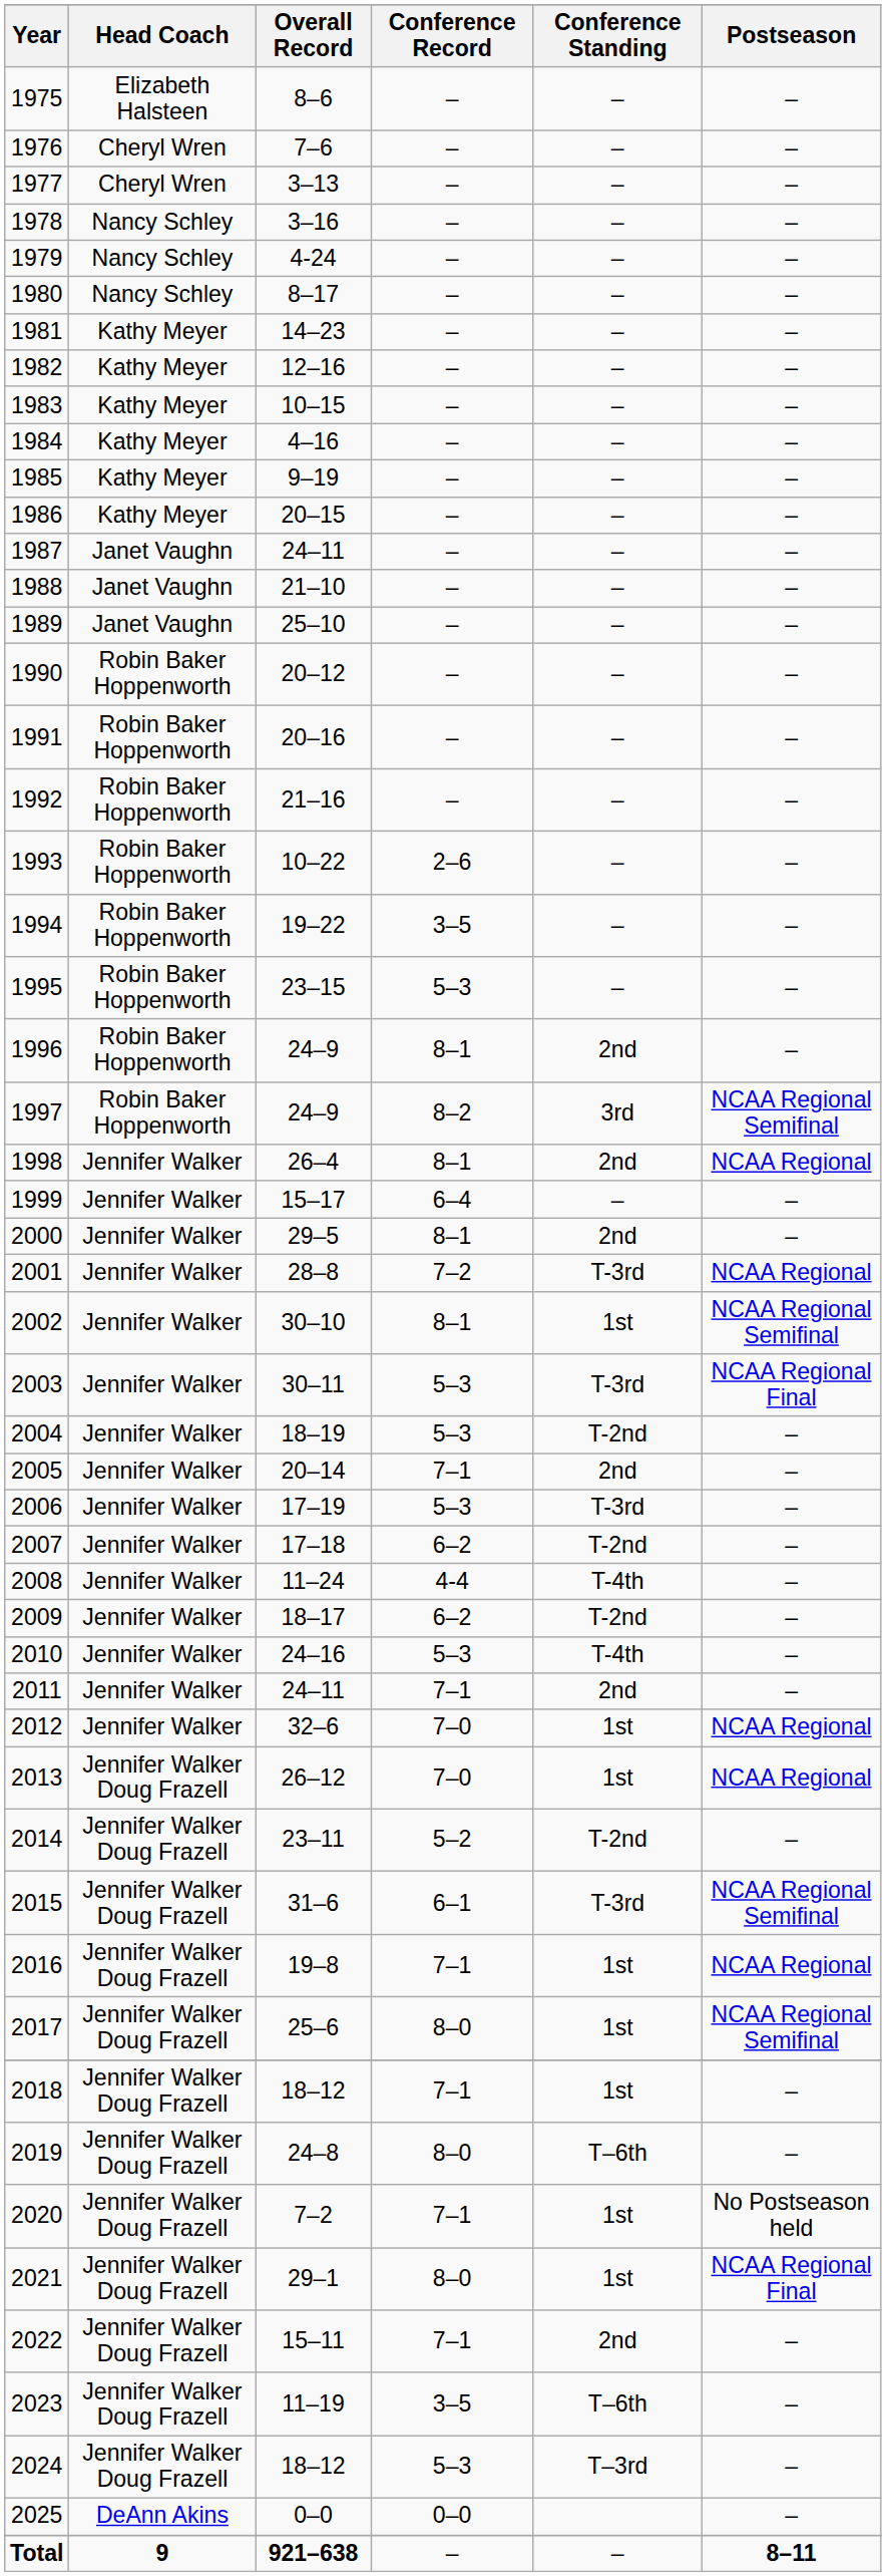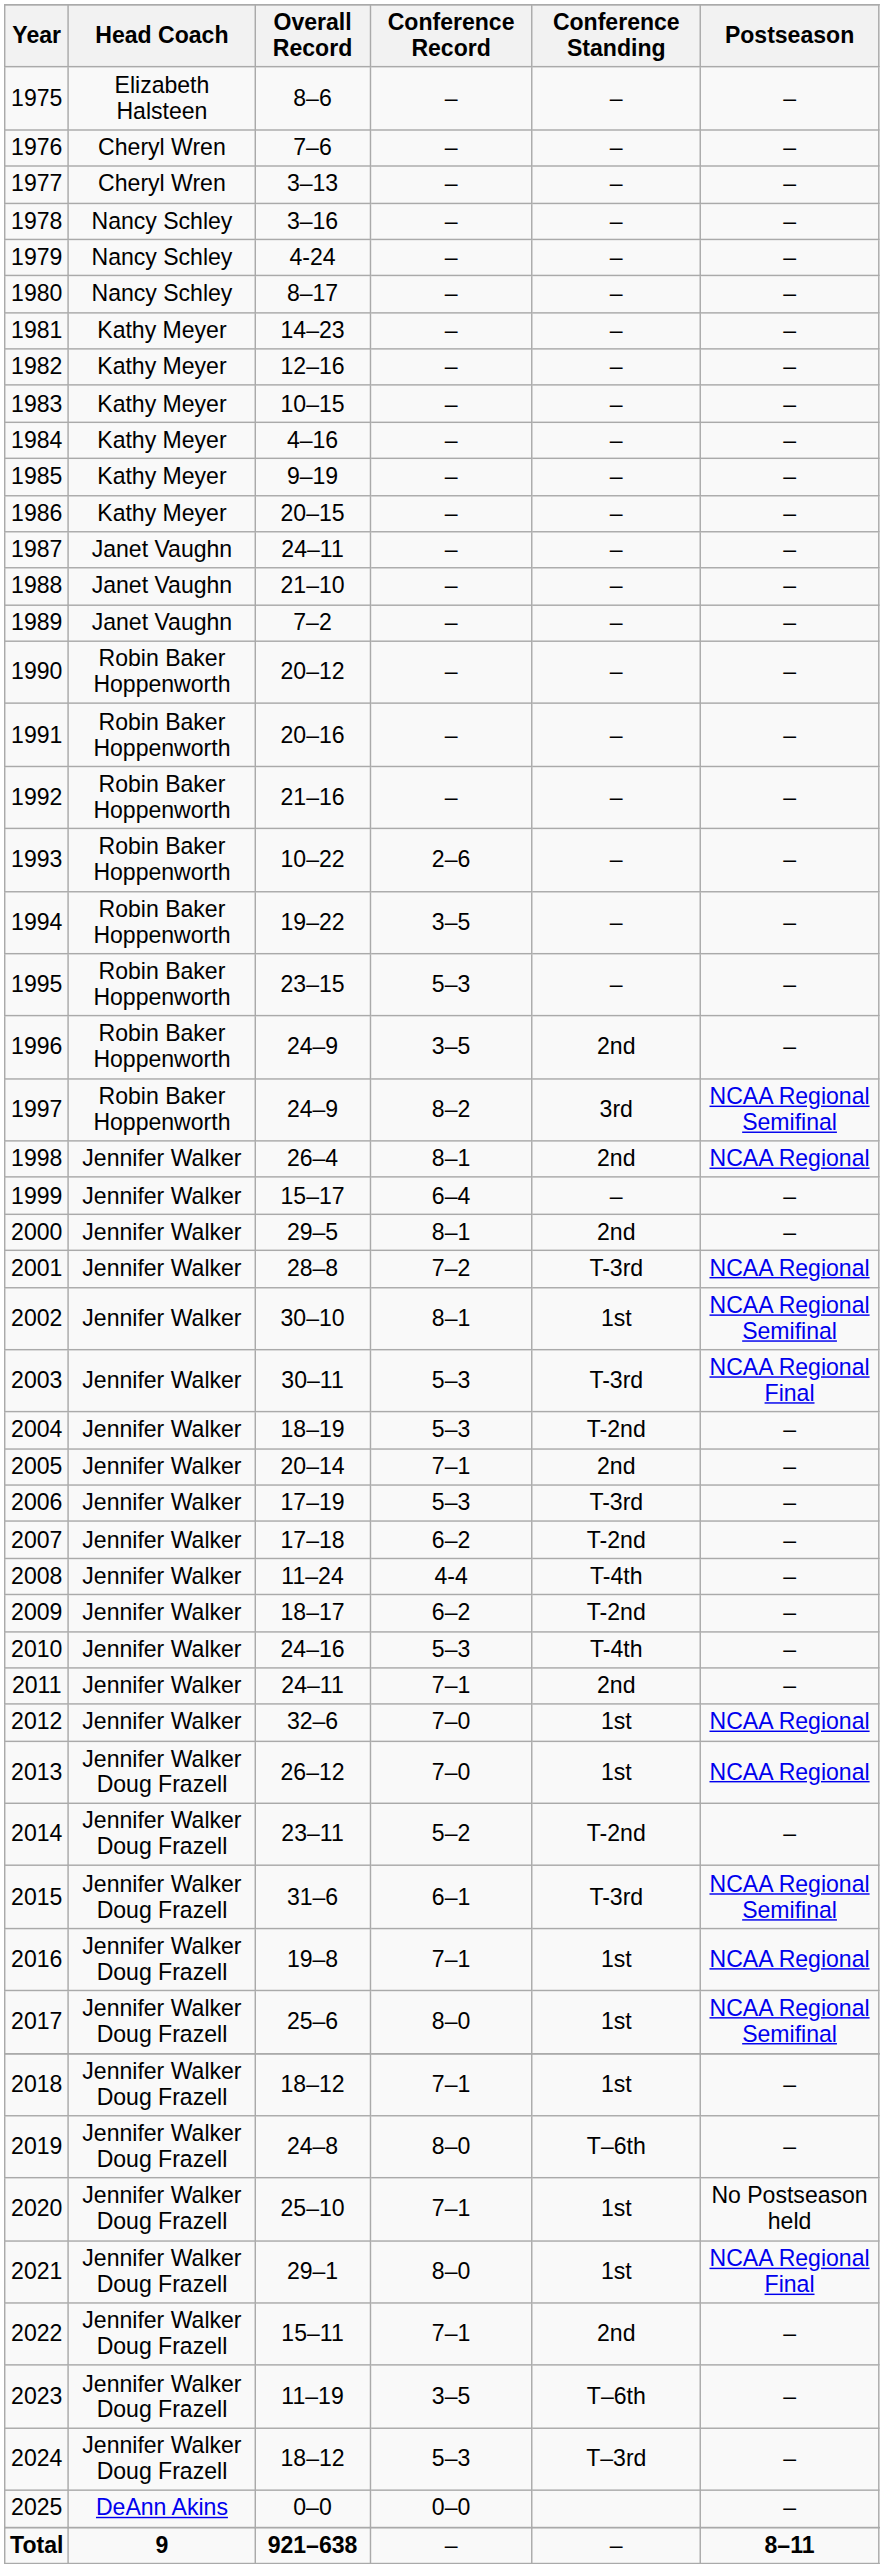 <table class="wikitable" style="text-align: center">
 <tr align=center>
 </tr>
 <tr>
 <th>Year</th>
 <th>Head Coach</th>
 <th>Overall Record</th>
 <th>Conference Record</th>
 <th>Conference Standing</th>
 <th>Postseason</th>
 </tr>
 <tr>
 <td>1975</td>
 <td>Elizabeth Halsteen</td>
 <td>8–6</td>
 <td>–</td>
 <td>–</td>
 <td>–</td>
 </tr>
 <tr>
 <td>1976</td>
 <td>Cheryl Wren</td>
 <td>7–6</td>
 <td>–</td>
 <td>–</td>
 <td>–</td>
 </tr>
 <tr>
 <td>1977</td>
 <td>Cheryl Wren</td>
 <td>3–13</td>
 <td>–</td>
 <td>–</td>
 <td>–</td>
 </tr>
 <tr>
 <td>1978</td>
 <td>Nancy Schley</td>
 <td>3–16</td>
 <td>–</td>
 <td>–</td>
 <td>–</td>
 </tr>
 <tr>
 <td>1979</td>
 <td>Nancy Schley</td>
 <td>4-24</td>
 <td>–</td>
 <td>–</td>
 <td>–</td>
 </tr>
 <tr>
 <td>1980</td>
 <td>Nancy Schley</td>
 <td>8–17</td>
 <td>–</td>
 <td>–</td>
 <td>–</td>
 </tr>
 <tr>
 <td>1981</td>
 <td>Kathy Meyer</td>
 <td>14–23</td>
 <td>–</td>
 <td>–</td>
 <td>–</td>
 </tr>
 <tr>
 <td>1982</td>
 <td>Kathy Meyer</td>
 <td>12–16</td>
 <td>–</td>
 <td>–</td>
 <td>–</td>
 </tr>
 <tr>
 <td>1983</td>
 <td>Kathy Meyer</td>
 <td>10–15</td>
 <td>–</td>
 <td>–</td>
 <td>–</td>
 </tr>
 <tr>
 <td>1984</td>
 <td>Kathy Meyer</td>
 <td>4–16</td>
 <td>–</td>
 <td>–</td>
 <td>–</td>
 </tr>
 <tr>
 <td>1985</td>
 <td>Kathy Meyer</td>
 <td>9–19</td>
 <td>–</td>
 <td>–</td>
 <td>–</td>
 </tr>
 <tr>
 <td>1986</td>
 <td>Kathy Meyer</td>
 <td>20–15</td>
 <td>–</td>
 <td>–</td>
 <td>–</td>
 </tr>
 <tr>
 <td>1987</td>
 <td>Janet Vaughn</td>
 <td>24–11</td>
 <td>–</td>
 <td>–</td>
 <td>–</td>
 </tr>
 <tr>
 <td>1988</td>
 <td>Janet Vaughn</td>
 <td>21–10</td>
 <td>–</td>
 <td>–</td>
 <td>–</td>
 </tr>
 <tr>
 <td>1989</td>
 <td>Janet Vaughn</td>
-<td>25–10</td>
+<td>7–2</td>
 <td>–</td>
 <td>–</td>
 <td>–</td>
 </tr>
 <tr>
 <td>1990</td>
 <td>Robin Baker Hoppenworth</td>
 <td>20–12</td>
 <td>–</td>
 <td>–</td>
 <td>–</td>
 </tr>
 <tr>
 <td>1991</td>
 <td>Robin Baker Hoppenworth</td>
 <td>20–16</td>
 <td>–</td>
 <td>–</td>
 <td>–</td>
 </tr>
 <tr>
 <td>1992</td>
 <td>Robin Baker Hoppenworth</td>
 <td>21–16</td>
 <td>–</td>
 <td>–</td>
 <td>–</td>
 </tr>
 <tr>
 <td>1993</td>
 <td>Robin Baker Hoppenworth</td>
 <td>10–22</td>
 <td>2–6</td>
 <td>–</td>
 <td>–</td>
 </tr>
 <tr>
 <td>1994</td>
 <td>Robin Baker Hoppenworth</td>
 <td>19–22</td>
 <td>3–5</td>
 <td>–</td>
 <td>–</td>
 </tr>
 <tr>
 <td>1995</td>
 <td>Robin Baker Hoppenworth</td>
 <td>23–15</td>
 <td>5–3</td>
 <td>–</td>
 <td>–</td>
 </tr>
 <tr>
 <td>1996</td>
 <td>Robin Baker Hoppenworth</td>
 <td>24–9</td>
-<td>8–1</td>
+<td>3–5</td>
 <td>2nd</td>
 <td>–</td>
 </tr>
 <tr>
 <td>1997</td>
 <td>Robin Baker Hoppenworth</td>
 <td>24–9</td>
 <td>8–2</td>
 <td>3rd</td>
 <td><a href='#'>NCAA Regional Semifinal</a></td>
 </tr>
 <tr>
 <td>1998</td>
 <td>Jennifer Walker</td>
 <td>26–4</td>
 <td>8–1</td>
 <td>2nd</td>
 <td><a href='#'>NCAA Regional</a></td>
 </tr>
 <tr>
 <td>1999</td>
 <td>Jennifer Walker</td>
 <td>15–17</td>
 <td>6–4</td>
 <td>–</td>
 <td>–</td>
 </tr>
 <tr>
 <td>2000</td>
 <td>Jennifer Walker</td>
 <td>29–5</td>
 <td>8–1</td>
 <td>2nd</td>
 <td>–</td>
 </tr>
 <tr>
 <td>2001</td>
 <td>Jennifer Walker</td>
 <td>28–8</td>
 <td>7–2</td>
 <td>T-3rd</td>
 <td><a href='#'>NCAA Regional</a></td>
 </tr>
 <tr>
 <td>2002</td>
 <td>Jennifer Walker</td>
 <td>30–10</td>
 <td>8–1</td>
 <td>1st</td>
 <td><a href='#'>NCAA Regional Semifinal</a></td>
 </tr>
 <tr>
 <td>2003</td>
 <td>Jennifer Walker</td>
 <td>30–11</td>
 <td>5–3</td>
 <td>T-3rd</td>
 <td><a href='#'>NCAA Regional Final</a></td>
 </tr>
 <tr>
 <td>2004</td>
 <td>Jennifer Walker</td>
 <td>18–19</td>
 <td>5–3</td>
 <td>T-2nd</td>
 <td>–</td>
 </tr>
 <tr>
 <td>2005</td>
 <td>Jennifer Walker</td>
 <td>20–14</td>
 <td>7–1</td>
 <td>2nd</td>
 <td>–</td>
 </tr>
 <tr>
 <td>2006</td>
 <td>Jennifer Walker</td>
 <td>17–19</td>
 <td>5–3</td>
 <td>T-3rd</td>
 <td>–</td>
 </tr>
 <tr>
 <td>2007</td>
 <td>Jennifer Walker</td>
 <td>17–18</td>
 <td>6–2</td>
 <td>T-2nd</td>
 <td>–</td>
 </tr>
 <tr>
 <td>2008</td>
 <td>Jennifer Walker</td>
 <td>11–24</td>
 <td>4-4</td>
 <td>T-4th</td>
 <td>–</td>
 </tr>
 <tr>
 <td>2009</td>
 <td>Jennifer Walker</td>
 <td>18–17</td>
 <td>6–2</td>
 <td>T-2nd</td>
 <td>–</td>
 </tr>
 <tr>
 <td>2010</td>
 <td>Jennifer Walker</td>
 <td>24–16</td>
 <td>5–3</td>
 <td>T-4th</td>
 <td>–</td>
 </tr>
 <tr>
 <td>2011</td>
 <td>Jennifer Walker</td>
 <td>24–11</td>
 <td>7–1</td>
 <td>2nd</td>
 <td>–</td>
 </tr>
 <tr>
 <td>2012</td>
 <td>Jennifer Walker</td>
 <td>32–6</td>
 <td>7–0</td>
 <td>1st</td>
 <td><a href='#'>NCAA Regional</a></td>
 </tr>
 <tr>
 <td>2013</td>
 <td>Jennifer Walker<br>Doug Frazell</td>
 <td>26–12</td>
 <td>7–0</td>
 <td>1st</td>
 <td><a href='#'>NCAA Regional</a></td>
 </tr>
 <tr>
 <td>2014</td>
 <td>Jennifer Walker<br>Doug Frazell</td>
 <td>23–11</td>
 <td>5–2</td>
 <td>T-2nd</td>
 <td>–</td>
 </tr>
 <tr>
 <td>2015</td>
 <td>Jennifer Walker<br>Doug Frazell</td>
 <td>31–6</td>
 <td>6–1</td>
 <td>T-3rd</td>
 <td><a href='#'>NCAA Regional Semifinal</a></td>
 </tr>
 <tr>
 <td>2016</td>
 <td>Jennifer Walker<br>Doug Frazell</td>
 <td>19–8</td>
 <td>7–1</td>
 <td>1st</td>
 <td><a href='#'>NCAA Regional</a></td>
 </tr>
 <tr>
 <td>2017</td>
 <td>Jennifer Walker<br>Doug Frazell</td>
 <td>25–6</td>
 <td>8–0</td>
 <td>1st</td>
 <td><a href='#'>NCAA Regional Semifinal</a></td>
 </tr>
 <tr>
 </tr>
 <tr>
 <td>2018</td>
 <td>Jennifer Walker<br>Doug Frazell</td>
 <td>18–12</td>
 <td>7–1</td>
 <td>1st</td>
 <td>–</td>
 </tr>
 <tr>
 <td>2019</td>
 <td>Jennifer Walker<br>Doug Frazell</td>
 <td>24–8</td>
 <td>8–0</td>
 <td>T–6th</td>
 <td>–</td>
 </tr>
 <tr>
 <td>2020</td>
 <td>Jennifer Walker<br>Doug Frazell</td>
-<td>7–2</td>
+<td>25–10</td>
 <td>7–1</td>
 <td>1st</td>
 <td>No Postseason held</td>
 </tr>
 <tr>
 <td>2021</td>
 <td>Jennifer Walker<br>Doug Frazell</td>
 <td>29–1</td>
 <td>8–0</td>
 <td>1st</td>
 <td><a href='#'>NCAA Regional Final</a></td>
 </tr>
 <tr>
 <td>2022</td>
 <td>Jennifer Walker<br>Doug Frazell</td>
 <td>15–11</td>
 <td>7–1</td>
 <td>2nd</td>
 <td>–</td>
 </tr>
 <tr>
 <td>2023</td>
 <td>Jennifer Walker<br>Doug Frazell</td>
 <td>11–19</td>
 <td>3–5</td>
 <td>T–6th</td>
 <td>–</td>
 </tr>
 <tr>
 <td>2024</td>
 <td>Jennifer Walker<br>Doug Frazell</td>
 <td>18–12</td>
 <td>5–3</td>
 <td>T–3rd</td>
 <td>–</td>
 </tr>
 <tr>
 <td>2025</td>
 <td><a href='#'>DeAnn Akins</a></td>
 <td>0–0</td>
 <td>0–0</td>
 <td></td>
 <td>–</td>
 </tr>
 <tr>
 </tr>
 <tr>
 <td><strong>Total</strong></td>
 <td><strong>9</strong></td>
 <td><strong>921–638</strong></td>
 <td>–</td>
 <td>–</td>
 <td><strong>8–11</strong></td>
 </tr>
 <tr>
 </tr>
 </table>
